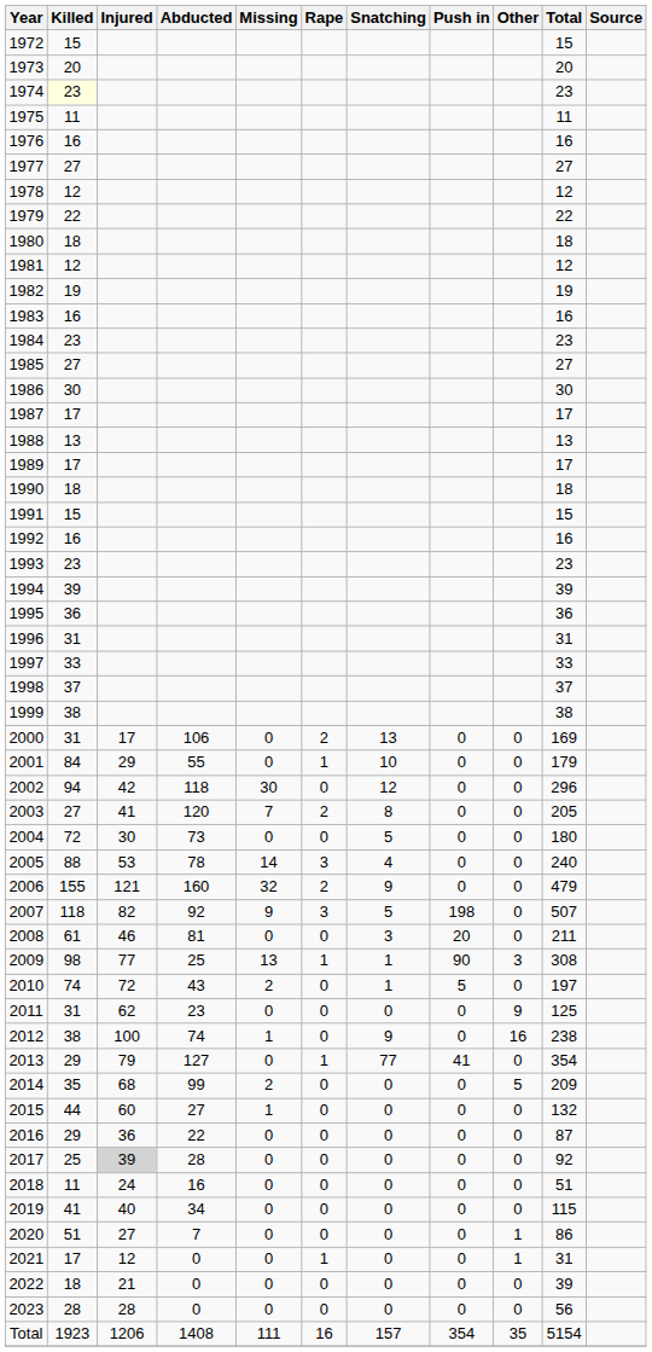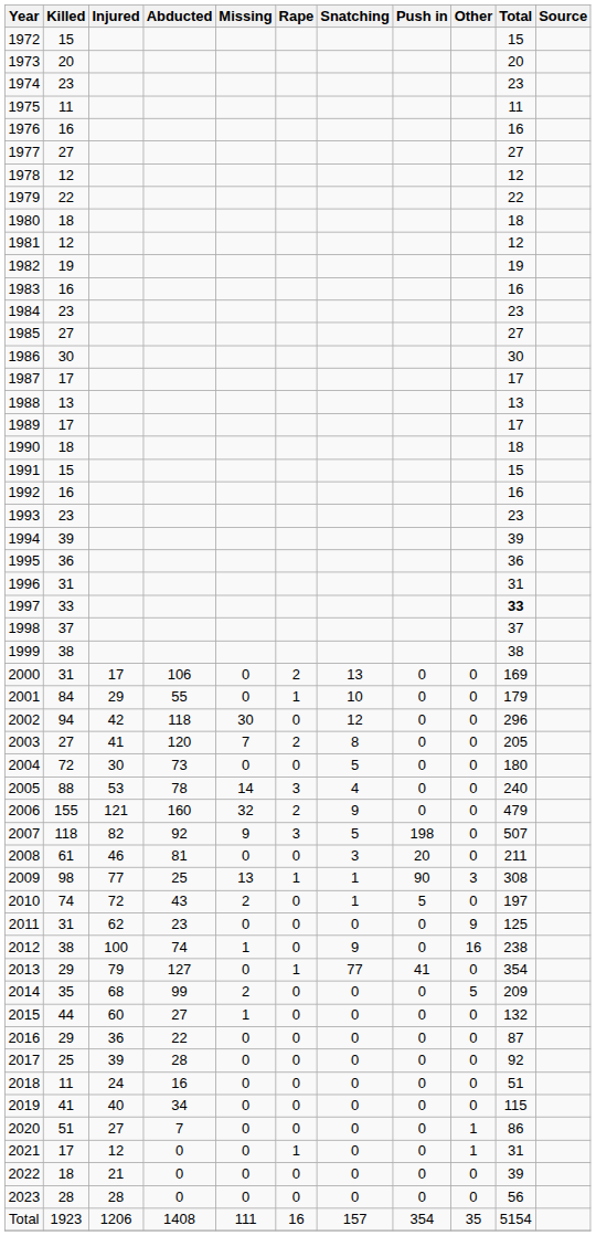 <table class="wikitable" style="text-align: center">
 <tr>
 <th>Year</th>
 <th>Killed</th>
 <th>Injured</th>
 <th>Abducted</th>
 <th>Missing</th>
 <th>Rape</th>
 <th>Snatching</th>
 <th>Push in</th>
 <th>Other</th>
 <th>Total</th>
 <th>Source</th>
 </tr>
 <tr>
 <td>1972</td>
 <td>15</td>
 <td></td>
 <td></td>
 <td></td>
 <td></td>
 <td></td>
 <td></td>
 <td></td>
 <td>15</td>
 <td></td>
 </tr>
 <tr>
 <td>1973</td>
 <td>20</td>
 <td></td>
 <td></td>
 <td></td>
 <td></td>
 <td></td>
 <td></td>
 <td></td>
 <td>20</td>
 <td></td>
 </tr>
 <tr>
 <td>1974</td>
-<td style="background: lightyellow;">23</td>
+<td>23</td>
 <td></td>
 <td></td>
 <td></td>
 <td></td>
 <td></td>
 <td></td>
 <td></td>
 <td>23</td>
 <td></td>
 </tr>
 <tr>
 <td>1975</td>
 <td>11</td>
 <td></td>
 <td></td>
 <td></td>
 <td></td>
 <td></td>
 <td></td>
 <td></td>
 <td>11</td>
 <td></td>
 </tr>
 <tr>
 <td>1976</td>
 <td>16</td>
 <td></td>
 <td></td>
 <td></td>
 <td></td>
 <td></td>
 <td></td>
 <td></td>
 <td>16</td>
 <td></td>
 </tr>
 <tr>
 <td>1977</td>
 <td>27</td>
 <td></td>
 <td></td>
 <td></td>
 <td></td>
 <td></td>
 <td></td>
 <td></td>
 <td>27</td>
 <td></td>
 </tr>
 <tr>
 <td>1978</td>
 <td>12</td>
 <td></td>
 <td></td>
 <td></td>
 <td></td>
 <td></td>
 <td></td>
 <td></td>
 <td>12</td>
 <td></td>
 </tr>
 <tr>
 <td>1979</td>
 <td>22</td>
 <td></td>
 <td></td>
 <td></td>
 <td></td>
 <td></td>
 <td></td>
 <td></td>
 <td>22</td>
 <td></td>
 </tr>
 <tr>
 <td>1980</td>
 <td>18</td>
 <td></td>
 <td></td>
 <td></td>
 <td></td>
 <td></td>
 <td></td>
 <td></td>
 <td>18</td>
 <td></td>
 </tr>
 <tr>
 <td>1981</td>
 <td>12</td>
 <td></td>
 <td></td>
 <td></td>
 <td></td>
 <td></td>
 <td></td>
 <td></td>
 <td>12</td>
 <td></td>
 </tr>
 <tr>
 <td>1982</td>
 <td>19</td>
 <td></td>
 <td></td>
 <td></td>
 <td></td>
 <td></td>
 <td></td>
 <td></td>
 <td>19</td>
 <td></td>
 </tr>
 <tr>
 <td>1983</td>
 <td>16</td>
 <td></td>
 <td></td>
 <td></td>
 <td></td>
 <td></td>
 <td></td>
 <td></td>
 <td>16</td>
 <td></td>
 </tr>
 <tr>
 <td>1984</td>
 <td>23</td>
 <td></td>
 <td></td>
 <td></td>
 <td></td>
 <td></td>
 <td></td>
 <td></td>
 <td>23</td>
 <td></td>
 </tr>
 <tr>
 <td>1985</td>
 <td>27</td>
 <td></td>
 <td></td>
 <td></td>
 <td></td>
 <td></td>
 <td></td>
 <td></td>
 <td>27</td>
 <td></td>
 </tr>
 <tr>
 <td>1986</td>
 <td>30</td>
 <td></td>
 <td></td>
 <td></td>
 <td></td>
 <td></td>
 <td></td>
 <td></td>
 <td>30</td>
 <td></td>
 </tr>
 <tr>
 <td>1987</td>
 <td>17</td>
 <td></td>
 <td></td>
 <td></td>
 <td></td>
 <td></td>
 <td></td>
 <td></td>
 <td>17</td>
 <td></td>
 </tr>
 <tr>
 <td>1988</td>
 <td>13</td>
 <td></td>
 <td></td>
 <td></td>
 <td></td>
 <td></td>
 <td></td>
 <td></td>
 <td>13</td>
 <td></td>
 </tr>
 <tr>
 <td>1989</td>
 <td>17</td>
 <td></td>
 <td></td>
 <td></td>
 <td></td>
 <td></td>
 <td></td>
 <td></td>
 <td>17</td>
 <td></td>
 </tr>
 <tr>
 <td>1990</td>
 <td>18</td>
 <td></td>
 <td></td>
 <td></td>
 <td></td>
 <td></td>
 <td></td>
 <td></td>
 <td>18</td>
 <td></td>
 </tr>
 <tr>
 <td>1991</td>
 <td>15</td>
 <td></td>
 <td></td>
 <td></td>
 <td></td>
 <td></td>
 <td></td>
 <td></td>
 <td>15</td>
 <td></td>
 </tr>
 <tr>
 <td>1992</td>
 <td>16</td>
 <td></td>
 <td></td>
 <td></td>
 <td></td>
 <td></td>
 <td></td>
 <td></td>
 <td>16</td>
 <td></td>
 </tr>
 <tr>
 <td>1993</td>
 <td>23</td>
 <td></td>
 <td></td>
 <td></td>
 <td></td>
 <td></td>
 <td></td>
 <td></td>
 <td>23</td>
 <td></td>
 </tr>
 <tr>
 <td>1994</td>
 <td>39</td>
 <td></td>
 <td></td>
 <td></td>
 <td></td>
 <td></td>
 <td></td>
 <td></td>
 <td>39</td>
 <td></td>
 </tr>
 <tr>
 <td>1995</td>
 <td>36</td>
 <td></td>
 <td></td>
 <td></td>
 <td></td>
 <td></td>
 <td></td>
 <td></td>
 <td>36</td>
 <td></td>
 </tr>
 <tr>
 <td>1996</td>
 <td>31</td>
 <td></td>
 <td></td>
 <td></td>
 <td></td>
 <td></td>
 <td></td>
 <td></td>
 <td>31</td>
 <td></td>
 </tr>
 <tr>
 <td>1997</td>
 <td>33</td>
 <td></td>
 <td></td>
 <td></td>
 <td></td>
 <td></td>
 <td></td>
 <td></td>
-<td>33</td>
+<td><strong>33</strong></td>
 <td></td>
 </tr>
 <tr>
 <td>1998</td>
 <td>37</td>
 <td></td>
 <td></td>
 <td></td>
 <td></td>
 <td></td>
 <td></td>
 <td></td>
 <td>37</td>
 <td></td>
 </tr>
 <tr>
 <td>1999</td>
 <td>38</td>
 <td></td>
 <td></td>
 <td></td>
 <td></td>
 <td></td>
 <td></td>
 <td></td>
 <td>38</td>
 <td></td>
 </tr>
 <tr>
 <td>2000</td>
 <td>31</td>
 <td>17</td>
 <td>106</td>
 <td>0</td>
 <td>2</td>
 <td>13</td>
 <td>0</td>
 <td>0</td>
 <td>169</td>
 <td></td>
 </tr>
 <tr>
 <td>2001</td>
 <td>84</td>
 <td>29</td>
 <td>55</td>
 <td>0</td>
 <td>1</td>
 <td>10</td>
 <td>0</td>
 <td>0</td>
 <td>179</td>
 <td></td>
 </tr>
 <tr>
 <td>2002</td>
 <td>94</td>
 <td>42</td>
 <td>118</td>
 <td>30</td>
 <td>0</td>
 <td>12</td>
 <td>0</td>
 <td>0</td>
 <td>296</td>
 <td></td>
 </tr>
 <tr>
 <td>2003</td>
 <td>27</td>
 <td>41</td>
 <td>120</td>
 <td>7</td>
 <td>2</td>
 <td>8</td>
 <td>0</td>
 <td>0</td>
 <td>205</td>
 <td></td>
 </tr>
 <tr>
 <td>2004</td>
 <td>72</td>
 <td>30</td>
 <td>73</td>
 <td>0</td>
 <td>0</td>
 <td>5</td>
 <td>0</td>
 <td>0</td>
 <td>180</td>
 <td></td>
 </tr>
 <tr>
 <td>2005</td>
 <td>88</td>
 <td>53</td>
 <td>78</td>
 <td>14</td>
 <td>3</td>
 <td>4</td>
 <td>0</td>
 <td>0</td>
 <td>240</td>
 <td></td>
 </tr>
 <tr>
 <td>2006</td>
 <td>155</td>
 <td>121</td>
 <td>160</td>
 <td>32</td>
 <td>2</td>
 <td>9</td>
 <td>0</td>
 <td>0</td>
 <td>479</td>
 <td></td>
 </tr>
 <tr>
 <td>2007</td>
 <td>118</td>
 <td>82</td>
 <td>92</td>
 <td>9</td>
 <td>3</td>
 <td>5</td>
 <td>198</td>
 <td>0</td>
 <td>507</td>
 <td></td>
 </tr>
 <tr>
 <td>2008</td>
 <td>61</td>
 <td>46</td>
 <td>81</td>
 <td>0</td>
 <td>0</td>
 <td>3</td>
 <td>20</td>
 <td>0</td>
 <td>211</td>
 <td></td>
 </tr>
 <tr>
 <td>2009</td>
 <td>98</td>
 <td>77</td>
 <td>25</td>
 <td>13</td>
 <td>1</td>
 <td>1</td>
 <td>90</td>
 <td>3</td>
 <td>308</td>
 <td></td>
 </tr>
 <tr>
 <td>2010</td>
 <td>74</td>
 <td>72</td>
 <td>43</td>
 <td>2</td>
 <td>0</td>
 <td>1</td>
 <td>5</td>
 <td>0</td>
 <td>197</td>
 <td></td>
 </tr>
 <tr>
 <td>2011</td>
 <td>31</td>
 <td>62</td>
 <td>23</td>
 <td>0</td>
 <td>0</td>
 <td>0</td>
 <td>0</td>
 <td>9</td>
 <td>125</td>
 <td></td>
 </tr>
 <tr>
 <td>2012</td>
 <td>38</td>
 <td>100</td>
 <td>74</td>
 <td>1</td>
 <td>0</td>
 <td>9</td>
 <td>0</td>
 <td>16</td>
 <td>238</td>
 <td></td>
 </tr>
 <tr>
 <td>2013</td>
 <td>29</td>
 <td>79</td>
 <td>127</td>
 <td>0</td>
 <td>1</td>
 <td>77</td>
 <td>41</td>
 <td>0</td>
 <td>354</td>
 <td></td>
 </tr>
 <tr>
 <td>2014</td>
 <td>35</td>
 <td>68</td>
 <td>99</td>
 <td>2</td>
 <td>0</td>
 <td>0</td>
 <td>0</td>
 <td>5</td>
 <td>209</td>
 <td></td>
 </tr>
 <tr>
 <td>2015</td>
 <td>44</td>
 <td>60</td>
 <td>27</td>
 <td>1</td>
 <td>0</td>
 <td>0</td>
 <td>0</td>
 <td>0</td>
 <td>132</td>
 <td></td>
 </tr>
 <tr>
 <td>2016</td>
 <td>29</td>
 <td>36</td>
 <td>22</td>
 <td>0</td>
 <td>0</td>
 <td>0</td>
 <td>0</td>
 <td>0</td>
 <td>87</td>
 <td></td>
 </tr>
 <tr>
 <td>2017</td>
 <td>25</td>
-<td style="background: lightgrey;">39</td>
+<td>39</td>
 <td>28</td>
 <td>0</td>
 <td>0</td>
 <td>0</td>
 <td>0</td>
 <td>0</td>
 <td>92</td>
 <td></td>
 </tr>
 <tr>
 <td>2018</td>
 <td>11</td>
 <td>24</td>
 <td>16</td>
 <td>0</td>
 <td>0</td>
 <td>0</td>
 <td>0</td>
 <td>0</td>
 <td>51</td>
 <td></td>
 </tr>
 <tr>
 <td>2019</td>
 <td>41</td>
 <td>40</td>
 <td>34</td>
 <td>0</td>
 <td>0</td>
 <td>0</td>
 <td>0</td>
 <td>0</td>
 <td>115</td>
 <td></td>
 </tr>
 <tr>
 <td>2020</td>
 <td>51</td>
 <td>27</td>
 <td>7</td>
 <td>0</td>
 <td>0</td>
 <td>0</td>
 <td>0</td>
 <td>1</td>
 <td>86</td>
 <td></td>
 </tr>
 <tr>
 <td>2021</td>
 <td>17</td>
 <td>12</td>
 <td>0</td>
 <td>0</td>
 <td>1</td>
 <td>0</td>
 <td>0</td>
 <td>1</td>
 <td>31</td>
 <td></td>
 </tr>
 <tr>
 <td>2022</td>
 <td>18</td>
 <td>21</td>
 <td>0</td>
 <td>0</td>
 <td>0</td>
 <td>0</td>
 <td>0</td>
 <td>0</td>
 <td>39</td>
 <td></td>
 </tr>
 <tr>
 <td>2023</td>
 <td>28</td>
 <td>28</td>
 <td>0</td>
 <td>0</td>
 <td>0</td>
 <td>0</td>
 <td>0</td>
 <td>0</td>
 <td>56</td>
 <td></td>
 </tr>
 <tr>
 <td>Total</td>
 <td>1923</td>
 <td>1206</td>
 <td>1408</td>
 <td>111</td>
 <td>16</td>
 <td>157</td>
 <td>354</td>
 <td>35</td>
 <td>5154</td>
 <td></td>
 </tr>
 <tr>
 </tr>
 </table>
